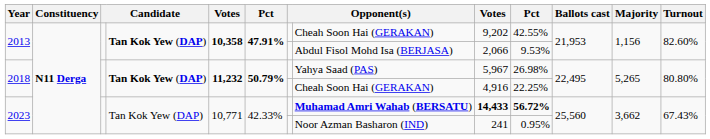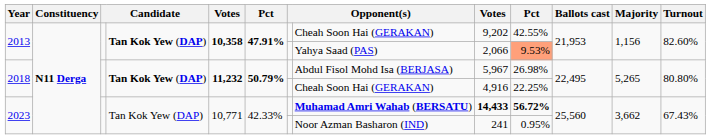 <table class="wikitable" style="margin:0.5em ; font-size:95%">
 <tr>
 <th>Year</th>
 <th>Constituency</th>
 <th colspan=2>Candidate</th>
 <th>Votes</th>
 <th>Pct</th>
 <th colspan=2>Opponent(s)</th>
 <th>Votes</th>
 <th>Pct</th>
 <th>Ballots cast</th>
 <th>Majority</th>
 <th>Turnout</th>
 </tr>
 <tr>
 <td rowspan=2><a href='#'>2013</a></td>
 <td rowspan=6><strong>N11 <a href='#'>Derga</a></strong></td>
 <td rowspan=2 ></td>
 <td rowspan=2><strong>Tan Kok Yew</strong> (<a href='#'><strong>DAP</strong></a>)</td>
 <td rowspan=2 align="right"><strong>10,358</strong></td>
 <td rowspan=2><strong>47.91%</strong></td>
 <td></td>
 <td>Cheah Soon Hai (<a href='#'>GERAKAN</a>)</td>
 <td align="right">9,202</td>
 <td>42.55%</td>
 <td rowspan=2>21,953</td>
 <td rowspan=2>1,156</td>
 <td rowspan=2>82.60%</td>
 </tr>
 <tr>
 <td></td>
-<td>Abdul Fisol Mohd Isa (<a href='#'>BERJASA</a>)</td>
+<td>Yahya Saad  (<a href='#'>PAS</a>)</td>
 <td align="right">2,066</td>
-<td align=right>9.53%</td>
+<td align=right style="background: lightsalmon;">9.53%</td>
 </tr>
 <tr>
 <td rowspan=2><a href='#'>2018</a></td>
 <td rowspan=2 ></td>
 <td rowspan=2><strong>Tan Kok Yew</strong> (<a href='#'><strong>DAP</strong></a>)</td>
 <td rowspan=2 align="right"><strong>11,232</strong></td>
 <td rowspan=2><strong>50.79%</strong></td>
 <td></td>
-<td>Yahya Saad  (<a href='#'>PAS</a>)</td>
+<td>Abdul Fisol Mohd Isa (<a href='#'>BERJASA</a>)</td>
 <td align="right">5,967</td>
 <td>26.98%</td>
 <td rowspan=2>22,495</td>
 <td rowspan=2>5,265</td>
 <td rowspan=2>80.80%</td>
 </tr>
 <tr>
 <td></td>
 <td>Cheah Soon Hai (<a href='#'>GERAKAN</a>)</td>
 <td align="right">4,916</td>
 <td>22.25%</td>
 </tr>
 <tr>
 <td rowspan=2><a href='#'>2023</a></td>
 <td rowspan=2 ></td>
 <td rowspan=2>Tan Kok Yew (<a href='#'>DAP</a>)</td>
 <td rowspan=2 align=right>10,771</td>
 <td rowspan=2>42.33%</td>
 <td></td>
 <td><strong><a href='#'>Muhamad Amri Wahab</a></strong> (<a href='#'><strong>BERSATU</strong></a>)</td>
 <td align=right><strong>14,433</strong></td>
 <td><strong>56.72%</strong></td>
 <td rowspan=2>25,560</td>
 <td rowspan=2>3,662</td>
 <td rowspan=2>67.43%</td>
 </tr>
 <tr>
 <td></td>
 <td>Noor Azman Basharon (<a href='#'>IND</a>)</td>
 <td align=right>241</td>
 <td align=right>0.95%</td>
 </tr>
 </table>
